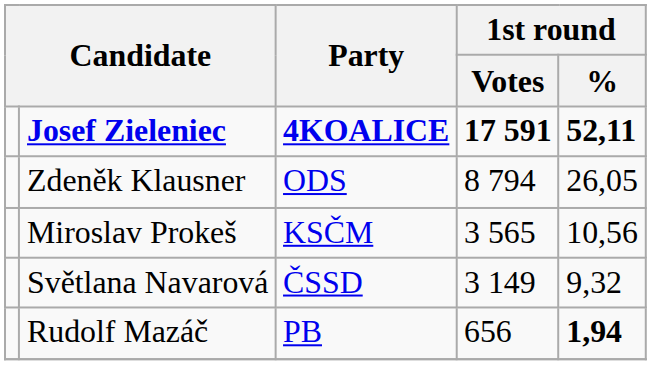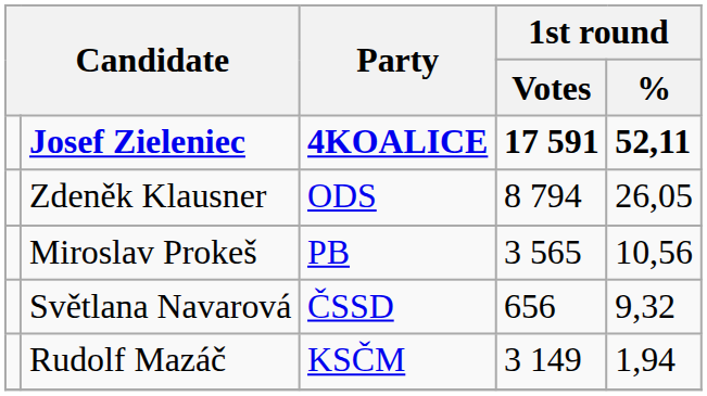 <table class="wikitable sortable">
 <tr>
 <th colspan="2" rowspan="2">Candidate</th>
 <th rowspan="2">Party</th>
 <th colspan="2">1st round</th>
 </tr>
 <tr>
 <th>Votes</th>
 <th>%</th>
 </tr>
 <tr>
 <td style="background-color:"></td>
 <td><strong><a href='#'>Josef Zieleniec</a></strong></td>
 <td><a href='#'><strong>4KOALICE</strong></a></td>
 <td><strong>17 591</strong></td>
 <td><strong>52,11</strong></td>
 </tr>
 <tr>
 <td style="background-color:"></td>
 <td>Zdeněk Klausner</td>
 <td><a href='#'>ODS</a></td>
 <td>8 794</td>
 <td>26,05</td>
 </tr>
 <tr>
 <td style="background-color:"></td>
 <td>Miroslav Prokeš</td>
-<td><a href='#'>KSČM</a></td>
+<td><a href='#'>PB</a></td>
 <td>3 565</td>
 <td>10,56</td>
 </tr>
 <tr>
 <td style="background-color:"></td>
 <td>Světlana Navarová</td>
 <td><a href='#'>ČSSD</a></td>
-<td>3 149</td>
+<td>656</td>
 <td>9,32</td>
 </tr>
 <tr>
 <td style="background-color:"></td>
 <td>Rudolf Mazáč</td>
-<td><a href='#'>PB</a></td>
-<td>656</td>
-<td><strong>1,94</strong></td>
+<td><a href='#'>KSČM</a></td>
+<td>3 149</td>
+<td>1,94</td>
 </tr>
 <tr>
 </tr>
 </table>
